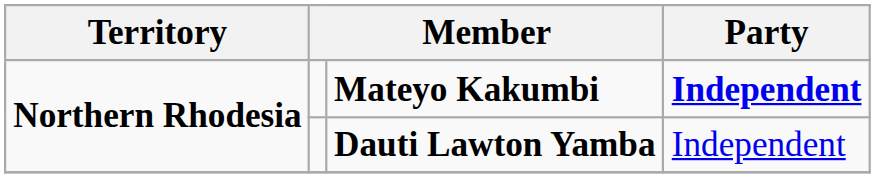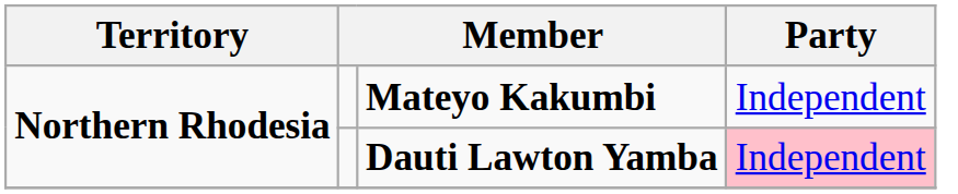 <table class=wikitable>
 <tr>
 <th align=left>Territory</th>
 <th align=center valign=top colspan=2>Member</th>
 <th align=center valign=top>Party</th>
 </tr>
 <tr>
 <td rowspan=2><strong>Northern Rhodesia</strong></td>
 <td style="background:"></td>
 <td align=left><strong>Mateyo Kakumbi</strong></td>
-<td align=left><strong><a href='#'>Independent</a></strong></td>
+<td align=left><a href='#'>Independent</a></td>
 </tr>
 <tr>
 <td style="background:"></td>
 <td align="left"><strong>Dauti Lawton Yamba</strong></td>
-<td align=left><a href='#'>Independent</a></td>
+<td align=left style="background: pink;"><a href='#'>Independent</a></td>
 </tr>
 <tr>
 </tr>
 </table>
